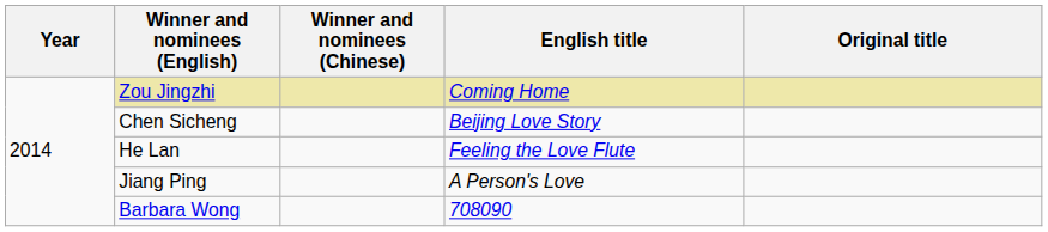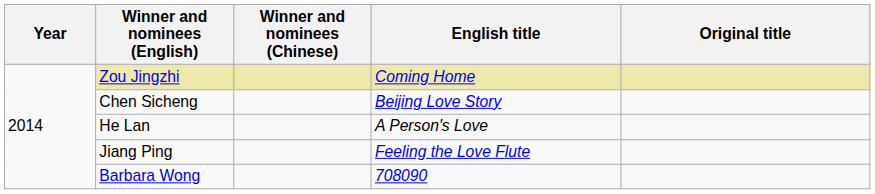 <table class="wikitable" style="width:100%;">
 <tr style="background:#bebebe">
 <th width="100"><strong>Year</strong></th>
 <th width="150"><strong>Winner and nominees<br>(English)</strong></th>
 <th width="150"><strong>Winner and nominees<br>(Chinese)</strong></th>
 <th width="300"><strong>English title</strong></th>
 <th width="300"><strong>Original title</strong></th>
 </tr>
 <tr>
 <td rowspan="5">2014</td>
 <td style="background:#EEE8AA;"><a href='#'>Zou Jingzhi</a></td>
 <td style="background:#EEE8AA;"></td>
 <td style="background:#EEE8AA;"><em><a href='#'>Coming Home</a></em></td>
 <td style="background:#EEE8AA;"></td>
 </tr>
 <tr>
 <td>Chen Sicheng</td>
 <td></td>
 <td><em><a href='#'>Beijing Love Story</a></em></td>
 <td></td>
 </tr>
 <tr>
 <td>He Lan</td>
 <td></td>
-<td><em><a href='#'>Feeling the Love Flute</a></em></td>
+<td><em>A Person's Love</em></td>
 <td></td>
 </tr>
 <tr>
 <td>Jiang Ping</td>
 <td></td>
-<td><em>A Person's Love</em></td>
+<td><em><a href='#'>Feeling the Love Flute</a></em></td>
 <td></td>
 </tr>
 <tr>
 <td><a href='#'>Barbara Wong</a></td>
 <td></td>
 <td><em><a href='#'>708090</a></em></td>
 <td></td>
 </tr>
 </table>
